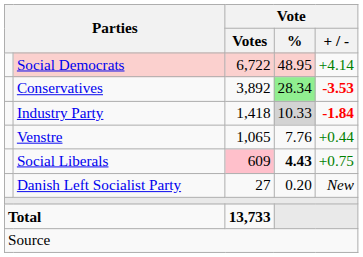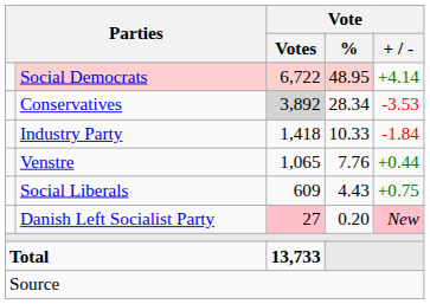 <table class="wikitable" style="text-align:right;">
 <tr>
 <th style="text-align:centre;" rowspan="2" colspan="2" width="225">Parties</th>
 <th colspan="3">Vote</th>
 </tr>
 <tr>
 <th width="15">Votes</th>
 <th width="15">%</th>
 <th width="15">+ / -</th>
 </tr>
 <tr>
 <td width="2" style="color:inherit;background:"></td>
 <td bgcolor=#fbd0ce  align="left"><a href='#'>Social Democrats</a></td>
 <td bgcolor=#fbd0ce>6,722</td>
 <td bgcolor=#fbd0ce>48.95</td>
 <td style=color:green;>+4.14</td>
 </tr>
 <tr>
 <td width="2" style="color:inherit;background:"></td>
 <td align="left"><a href='#'>Conservatives</a></td>
-<td>3,892</td>
-<td style="background: lightgreen;">28.34</td>
-<td style=color:red;><strong>-3.53</strong></td>
+<td style="background: lightgrey;">3,892</td>
+<td>28.34</td>
+<td style=color:red;>-3.53</td>
 </tr>
 <tr>
 <td width="2" style="color:inherit;background:"></td>
 <td align="left"><a href='#'>Industry Party</a></td>
 <td>1,418</td>
-<td style="background: lightgrey;">10.33</td>
-<td style=color:red;><strong>-1.84</strong></td>
+<td>10.33</td>
+<td style=color:red;>-1.84</td>
 </tr>
 <tr>
 <td width="2" style="color:inherit;background:"></td>
 <td align="left"><a href='#'>Venstre</a></td>
 <td>1,065</td>
 <td>7.76</td>
 <td style=color:green;>+0.44</td>
 </tr>
 <tr>
 <td width="2" style="color:inherit;background:"></td>
 <td align="left"><a href='#'>Social Liberals</a></td>
-<td style="background: pink;">609</td>
-<td><strong>4.43</strong></td>
+<td>609</td>
+<td>4.43</td>
 <td style=color:green;>+0.75</td>
 </tr>
 <tr>
 <td width="2" style="color:inherit;background:"></td>
 <td align="left"><a href='#'>Danish Left Socialist Party</a></td>
-<td>27</td>
+<td style="background: pink;">27</td>
 <td>0.20</td>
-<td><em>New</em></td>
+<td style="background: pink;"><em>New</em></td>
 </tr>
 <tr>
 <td colspan="7" bgcolor="#E9E9E9"></td>
 </tr>
 <tr>
 <td align="left" colspan="2"><strong>Total</strong></td>
 <td><strong>13,733</strong></td>
 <td bgcolor="#E9E9E9" colspan="2"></td>
 </tr>
 <tr>
 <td align="left" colspan="6">Source</td>
 </tr>
 </table>
